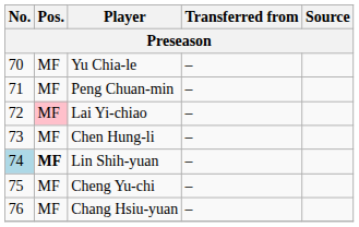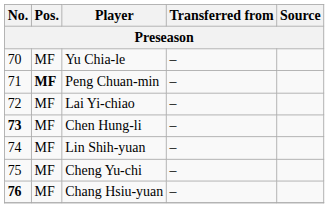 <table class="wikitable sortable">
 <tr>
 <th>No.</th>
 <th>Pos.</th>
 <th>Player</th>
 <th>Transferred from</th>
 <th>Source</th>
 </tr>
 <tr>
 <th colspan=6>Preseason</th>
 </tr>
 <tr>
 <td>70</td>
 <td>MF</td>
 <td>Yu Chia-le</td>
 <td>–</td>
 <td></td>
 </tr>
 <tr>
 <td>71</td>
-<td>MF</td>
+<td><strong>MF</strong></td>
 <td>Peng Chuan-min</td>
 <td>–</td>
 <td></td>
 </tr>
 <tr>
 <td>72</td>
-<td style="background: pink;">MF</td>
+<td>MF</td>
 <td>Lai Yi-chiao</td>
 <td>–</td>
 <td></td>
 </tr>
 <tr>
-<td>73</td>
+<td><strong>73</strong></td>
 <td>MF</td>
 <td>Chen Hung-li</td>
 <td>–</td>
 <td></td>
 </tr>
 <tr>
-<td style="background: lightblue;">74</td>
-<td><strong>MF</strong></td>
+<td>74</td>
+<td>MF</td>
 <td>Lin Shih-yuan</td>
 <td>–</td>
 <td></td>
 </tr>
 <tr>
 <td>75</td>
 <td>MF</td>
 <td>Cheng Yu-chi</td>
 <td>–</td>
 <td></td>
 </tr>
 <tr>
-<td>76</td>
+<td><strong>76</strong></td>
 <td>MF</td>
 <td>Chang Hsiu-yuan</td>
 <td>–</td>
 <td></td>
 </tr>
 <tr>
 </tr>
 </table>
